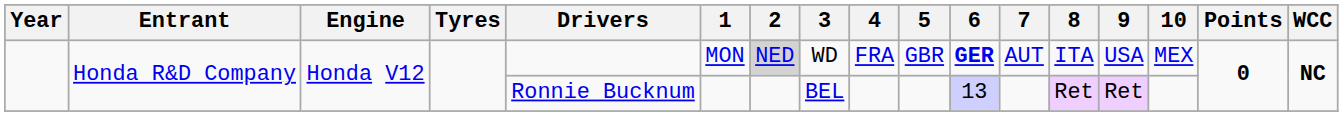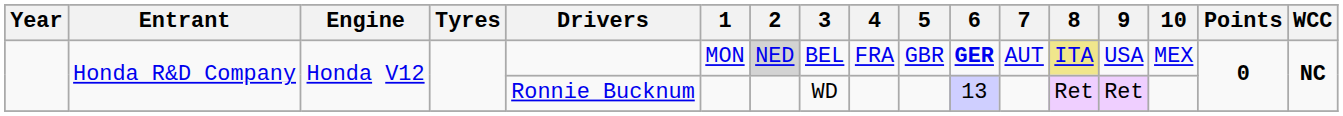 <table class="wikitable" style="text-align:center; font-size:95%">
 <tr>
 <th>Year</th>
 <th>Entrant</th>
 <th>Engine</th>
 <th>Tyres</th>
 <th>Drivers</th>
 <th>1</th>
 <th>2</th>
 <th>3</th>
 <th>4</th>
 <th>5</th>
 <th>6</th>
 <th>7</th>
 <th>8</th>
 <th>9</th>
 <th>10</th>
 <th>Points</th>
 <th>WCC</th>
 </tr>
 <tr>
 <td rowspan="2"></td>
 <td rowspan="2"><a href='#'>Honda R&D Company</a></td>
 <td rowspan="2"><a href='#'>Honda</a> <a href='#'>V12</a></td>
 <td rowspan="2"></td>
 <td></td>
 <td><a href='#'>MON</a></td>
 <td style="background: lightgrey;"><a href='#'>NED</a></td>
-<td>WD</td>
+<td><a href='#'>BEL</a></td>
 <td><a href='#'>FRA</a></td>
 <td><a href='#'>GBR</a></td>
 <td><strong><a href='#'>GER</a></strong></td>
 <td><a href='#'>AUT</a></td>
-<td><a href='#'>ITA</a></td>
+<td style="background: khaki;"><a href='#'>ITA</a></td>
 <td><a href='#'>USA</a></td>
 <td><a href='#'>MEX</a></td>
 <td rowspan="2"><strong>0</strong></td>
 <td rowspan="2"><strong>NC</strong></td>
 </tr>
 <tr>
 <td><a href='#'>Ronnie Bucknum</a></td>
 <td></td>
 <td></td>
-<td><a href='#'>BEL</a></td>
+<td>WD</td>
 <td></td>
 <td></td>
 <td style="background:#CFCFFF;">13</td>
 <td></td>
 <td style="background:#EFCFFF;">Ret</td>
 <td style="background:#EFCFFF;">Ret</td>
 <td></td>
 </tr>
 </table>
